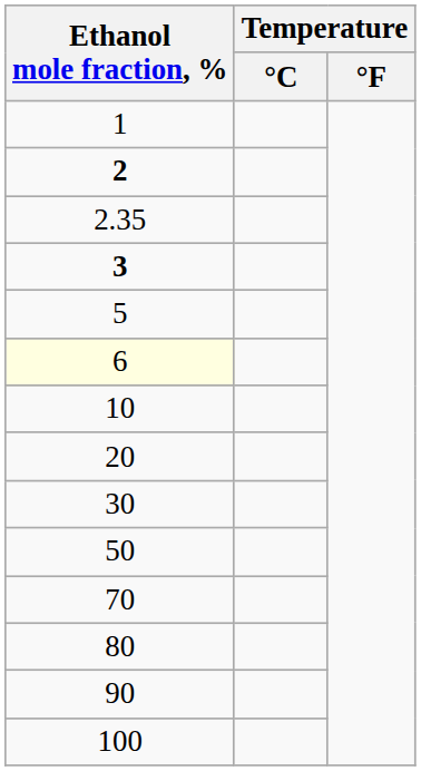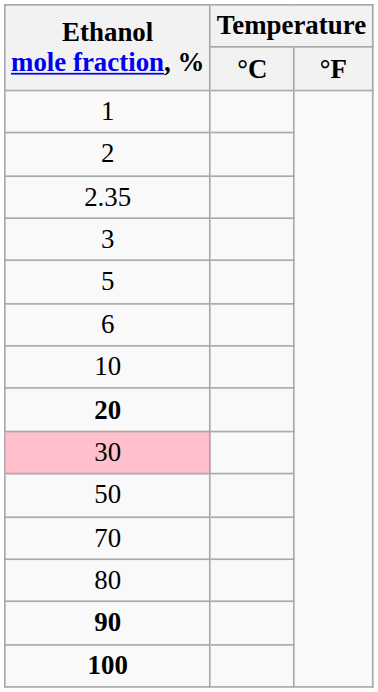 <table class="wikitable mw-collapsible mw-collapsed" style="white-space: nowrap; text-align: center;">
 <tr>
 <th rowspan="2">Ethanol<br> <a href='#'>mole fraction</a>, %</th>
 <th colspan="2">Temperature</th>
 </tr>
 <tr>
 <th>°C</th>
 <th>°F</th>
 </tr>
 <tr>
 <td>1</td>
 <td></td>
 </tr>
 <tr>
-<td><strong>2</strong></td>
+<td>2</td>
 <td></td>
 </tr>
 <tr>
 <td>2.35</td>
 <td></td>
 </tr>
 <tr>
-<td><strong>3</strong></td>
+<td>3</td>
 <td></td>
 </tr>
 <tr>
 <td>5</td>
 <td></td>
 </tr>
 <tr>
-<td style="background: lightyellow;">6</td>
+<td>6</td>
 <td></td>
 </tr>
 <tr>
 <td>10</td>
 <td></td>
 </tr>
 <tr>
-<td>20</td>
+<td><strong>20</strong></td>
 <td></td>
 </tr>
 <tr>
-<td>30</td>
+<td style="background: pink;">30</td>
 <td></td>
 </tr>
 <tr>
 <td>50</td>
 <td></td>
 </tr>
 <tr>
 <td>70</td>
 <td></td>
 </tr>
 <tr>
 <td>80</td>
 <td></td>
 </tr>
 <tr>
-<td>90</td>
+<td><strong>90</strong></td>
 <td></td>
 </tr>
 <tr>
-<td>100</td>
+<td><strong>100</strong></td>
 <td></td>
 </tr>
 </table>
